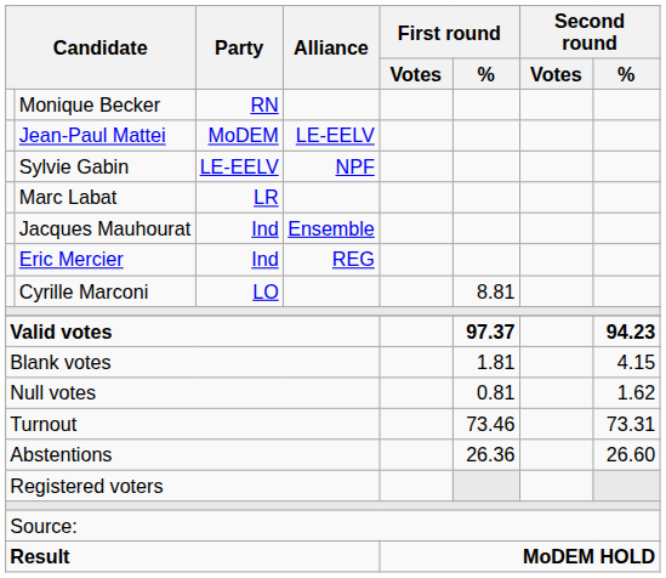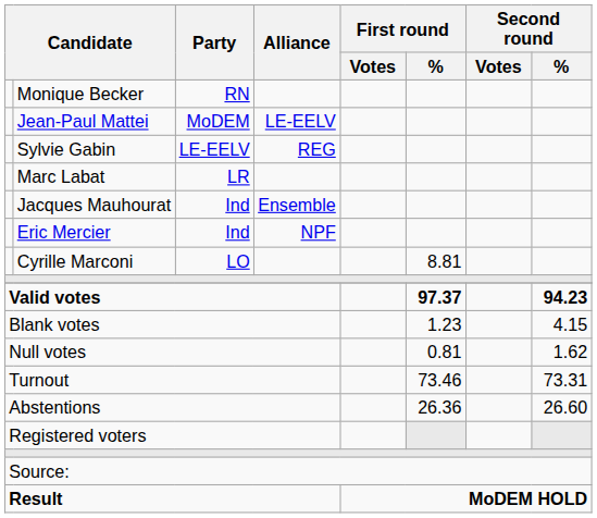 <table class="wikitable" style="text-align:right;font-size:95%;">
 <tr>
 <th colspan="2" rowspan="2">Candidate</th>
 <th colspan="1" rowspan="2">Party</th>
 <th colspan="1" rowspan="2">Alliance</th>
 <th colspan="2">First round</th>
 <th colspan="2">Second round</th>
 </tr>
 <tr>
 <th style="width:50px;">Votes</th>
 <th style="width:45px;">%</th>
 <th style="width:50px;">Votes</th>
 <th style="width:45px;">%</th>
 </tr>
 <tr>
 <td style="color:inherit;background:"></td>
 <td style="text-align:left;">Monique Becker</td>
 <td><a href='#'>RN</a></td>
 <td></td>
 <td><strong></strong></td>
 <td><strong></strong></td>
 <td></td>
 <td></td>
 </tr>
 <tr>
 <td style="color:inherit;background:"></td>
 <td style="text-align:left;"><a href='#'>Jean-Paul Mattei</a></td>
 <td><a href='#'>MoDEM</a></td>
 <td><a href='#'>LE-EELV</a></td>
 <td><strong></strong></td>
 <td><strong></strong></td>
 <td><strong></strong></td>
 <td><strong></strong></td>
 </tr>
 <tr>
 <td style="color:inherit;background:"></td>
 <td style="text-align:left;">Sylvie Gabin</td>
 <td><a href='#'>LE-EELV</a></td>
-<td><a href='#'>NPF</a></td>
+<td><a href='#'>REG</a></td>
 <td></td>
 <td></td>
 <td></td>
 <td></td>
 </tr>
 <tr>
 <td style="color:inherit;background:"></td>
 <td style="text-align:left;">Marc Labat</td>
 <td><a href='#'>LR</a></td>
 <td></td>
 <td></td>
 <td></td>
 <td></td>
 <td></td>
 </tr>
 <tr>
 <td style="color:inherit;background:"></td>
 <td style="text-align:left;">Jacques Mauhourat</td>
 <td><a href='#'>Ind</a></td>
 <td><a href='#'>Ensemble</a></td>
 <td></td>
 <td></td>
 <td></td>
 <td></td>
 </tr>
 <tr>
 <td style="color:inherit;background:"></td>
 <td style="text-align:left;"><a href='#'>Eric Mercier</a></td>
 <td><a href='#'>Ind</a></td>
-<td><a href='#'>REG</a></td>
+<td><a href='#'>NPF</a></td>
 <td></td>
 <td></td>
 <td></td>
 <td></td>
 </tr>
 <tr>
 <td style="color:inherit;background:"></td>
 <td style="text-align:left;">Cyrille Marconi</td>
 <td><a href='#'>LO</a></td>
 <td></td>
 <td></td>
 <td>8.81</td>
 <td></td>
 <td></td>
 </tr>
 <tr>
 <td colspan="8" style="background:#E9E9E9;"></td>
 </tr>
 <tr>
 </tr>
 <tr style="font-weight:bold;">
 <td colspan="4" style="text-align:left;">Valid votes</td>
 <td></td>
 <td>97.37</td>
 <td></td>
 <td>94.23</td>
 </tr>
 <tr>
 <td colspan="4" style="text-align:left;">Blank votes</td>
 <td></td>
-<td>1.81</td>
+<td>1.23</td>
 <td></td>
 <td>4.15</td>
 </tr>
 <tr>
 <td colspan="4" style="text-align:left;">Null votes</td>
 <td></td>
 <td>0.81</td>
 <td></td>
 <td>1.62</td>
 </tr>
 <tr>
 <td colspan="4" style="text-align:left;">Turnout</td>
 <td></td>
 <td>73.46</td>
 <td></td>
 <td>73.31</td>
 </tr>
 <tr>
 <td colspan="4" style="text-align:left;">Abstentions</td>
 <td></td>
 <td>26.36</td>
 <td></td>
 <td>26.60</td>
 </tr>
 <tr>
 <td colspan="4" style="text-align:left;">Registered voters</td>
 <td></td>
 <td style="background:#E9E9E9;"></td>
 <td></td>
 <td style="background:#E9E9E9;"></td>
 </tr>
 <tr>
 <td colspan="8" style="background:#E9E9E9;"></td>
 </tr>
 <tr>
 <td colspan="8" style="text-align:left;">Source: </td>
 </tr>
 <tr style="font-weight:bold">
 <td colspan="4" style="text-align:left;">Result</td>
 <td colspan="4" style="background-color:">MoDEM HOLD</td>
 </tr>
 </table>
